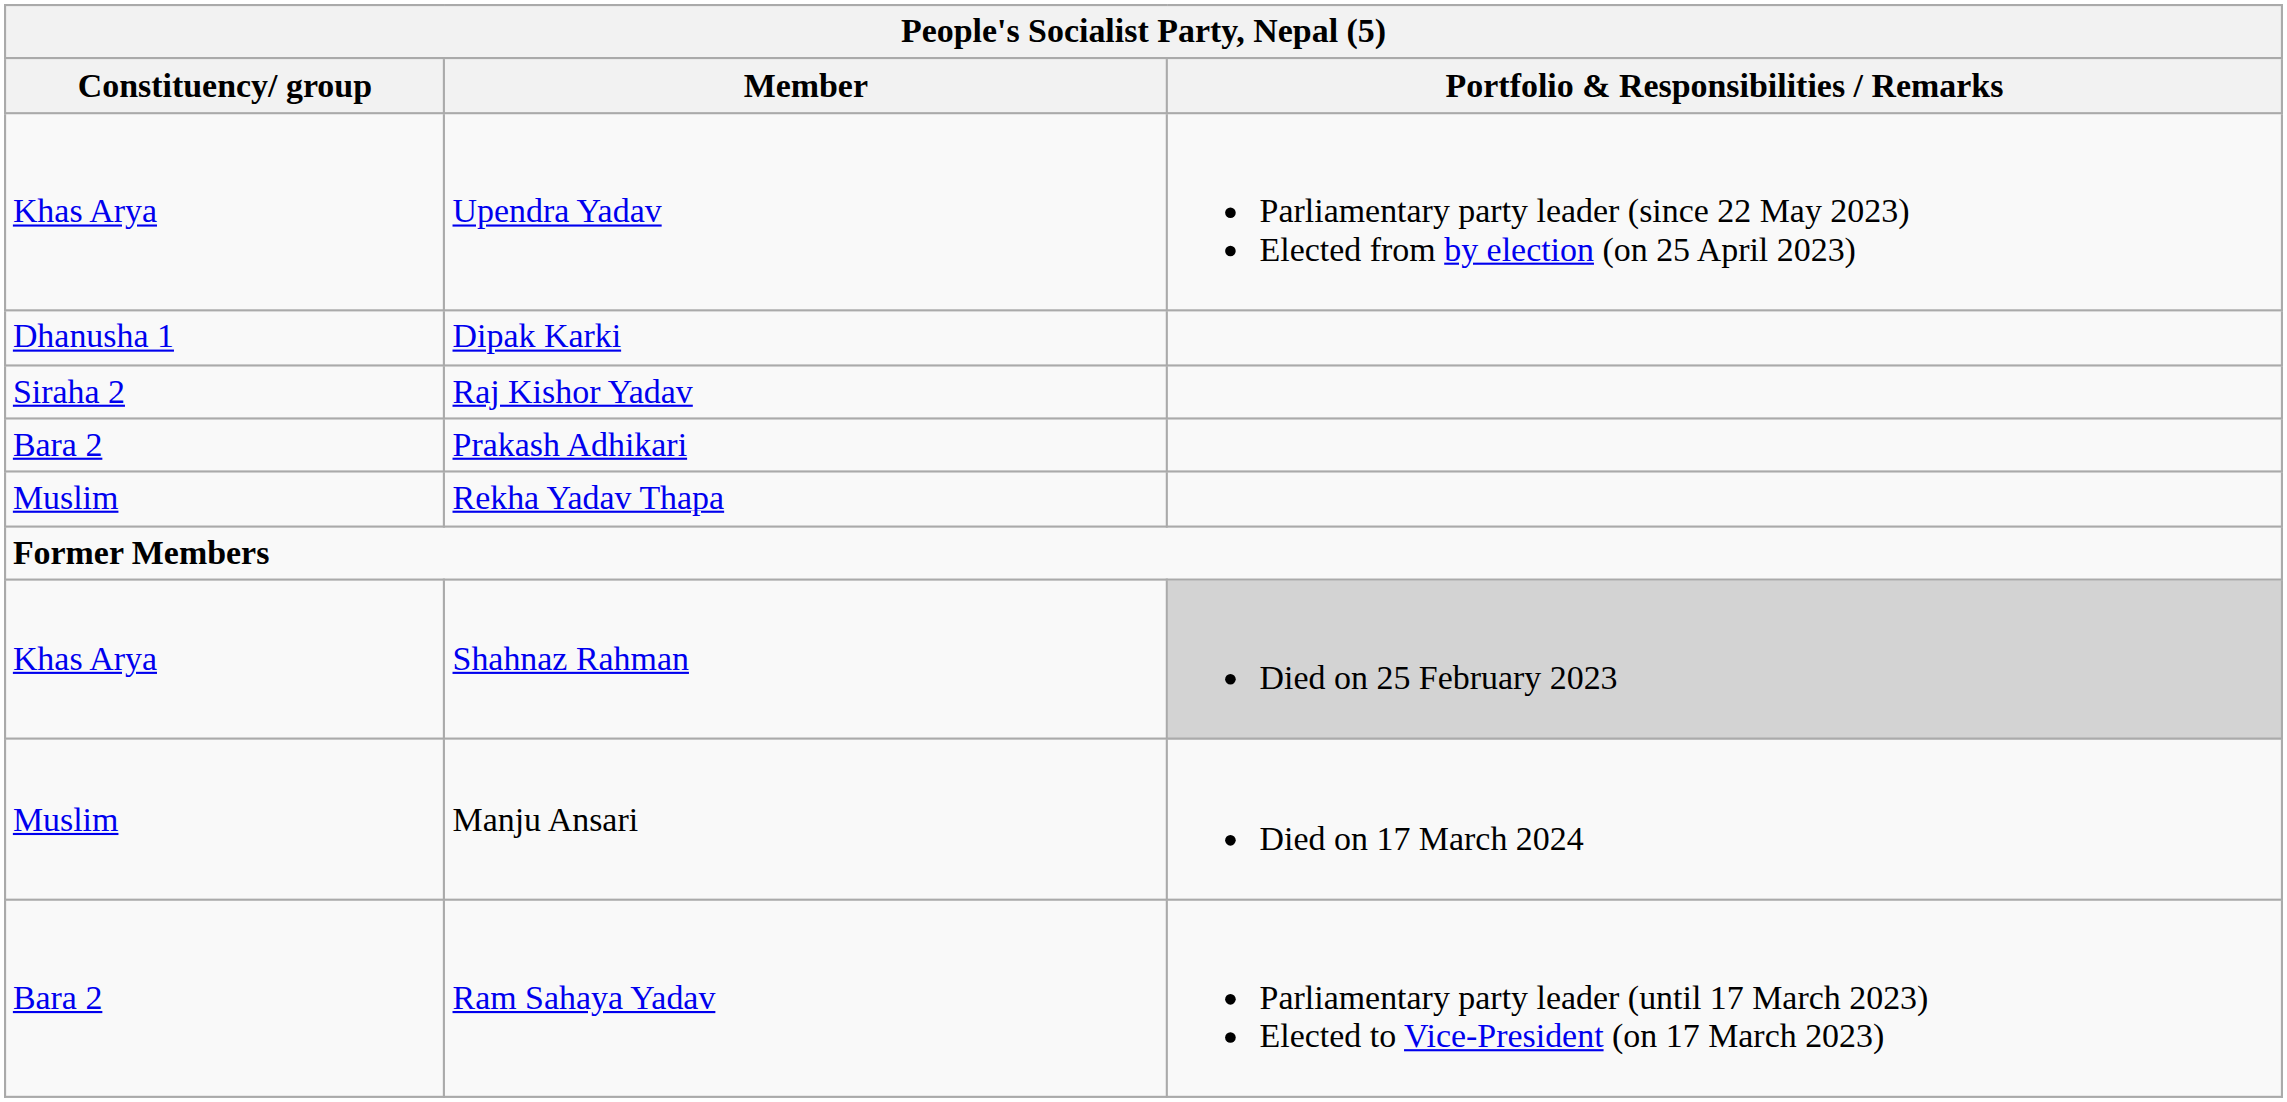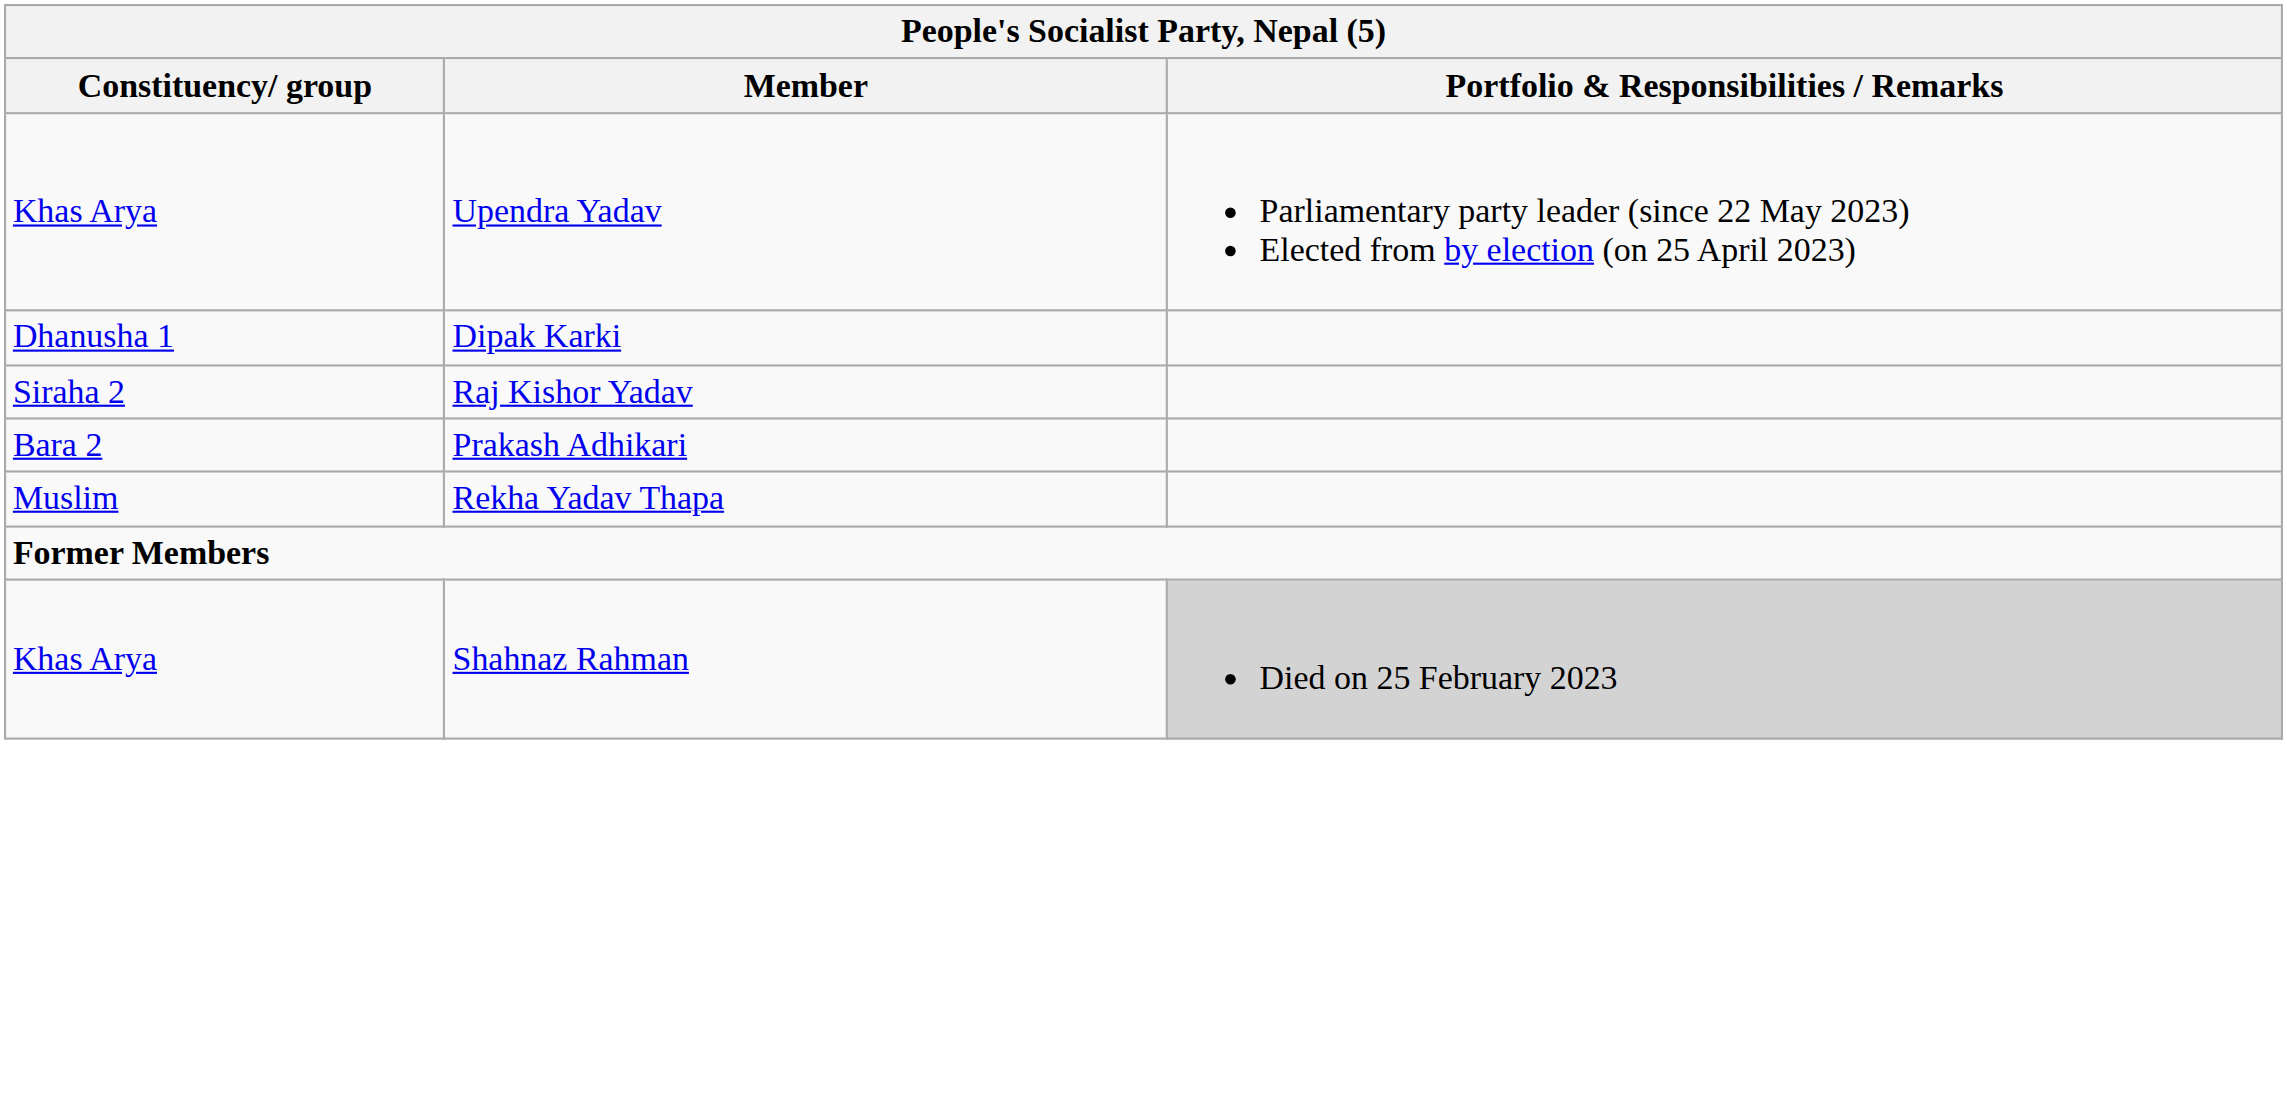 <table class="wikitable sortable mw-collapsible mw-collapsed">
 <tr>
 <th colspan="3" style="width: 800pt; background:">People's Socialist Party, Nepal (5)</th>
 </tr>
 <tr>
 <th style="width:150pt;">Constituency/ group</th>
 <th style="width:250pt;">Member</th>
 <th>Portfolio & Responsibilities / Remarks</th>
 </tr>
 <tr>
 <td><a href='#'>Khas Arya</a></td>
 <td><a href='#'>Upendra Yadav</a></td>
 <td><br><ul><li>Parliamentary party leader (since 22 May 2023)</li><li>Elected from <a href='#'>by election</a> (on 25 April 2023)</li></ul></td>
 </tr>
 <tr>
 <td><a href='#'>Dhanusha 1</a></td>
 <td><a href='#'>Dipak Karki</a></td>
 <td></td>
 </tr>
 <tr>
 <td><a href='#'>Siraha 2</a></td>
 <td><a href='#'>Raj Kishor Yadav</a></td>
 <td></td>
 </tr>
 <tr>
 <td><a href='#'>Bara 2</a></td>
 <td><a href='#'>Prakash Adhikari</a></td>
 <td></td>
 </tr>
 <tr>
 <td><a href='#'>Muslim</a></td>
 <td><a href='#'>Rekha Yadav Thapa</a></td>
 <td></td>
 </tr>
 <tr>
 <td colspan="3"><strong>Former Members</strong></td>
 </tr>
 <tr>
 <td><a href='#'>Khas Arya</a></td>
 <td><a href='#'>Shahnaz Rahman</a></td>
 <td style="background: lightgrey;"><br><ul><li>Died on 25 February 2023</li></ul></td>
 </tr>
-<tr>
-<td><a href='#'>Muslim</a></td>
-<td>Manju Ansari</td>
-<td><br><ul><li>Died on 17 March 2024</li></ul></td>
-</tr>
-<tr>
-<td><a href='#'>Bara 2</a></td>
-<td><a href='#'>Ram Sahaya Yadav</a></td>
-<td><br><ul><li>Parliamentary party leader (until 17 March 2023)</li><li>Elected to <a href='#'>Vice-President</a> (on 17 March 2023)</li></ul></td>
-</tr>
 </table>
